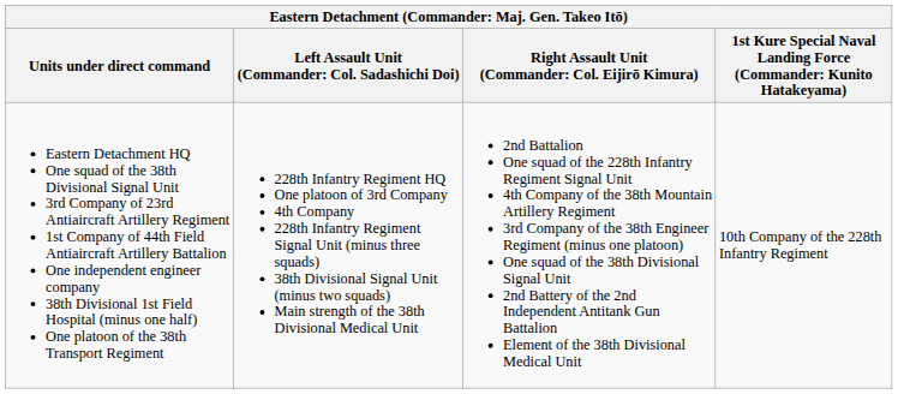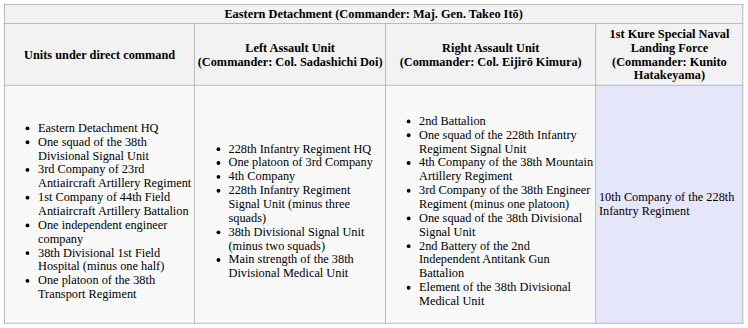 <table class="wikitable" style="width: 960px">
 <tr>
 <th colspan="4">Eastern Detachment (Commander: Maj. Gen. Takeo Itō)</th>
 </tr>
 <tr>
 <th>Units under direct command</th>
 <th>Left Assault Unit<br>(Commander: Col. Sadashichi Doi)</th>
 <th>Right Assault Unit<br>(Commander: Col. Eijirō Kimura)</th>
 <th>1st Kure Special Naval Landing Force<br>(Commander: Kunito Hatakeyama)</th>
 </tr>
 <tr>
 <td style="width: 240px"><br><ul><li>Eastern Detachment HQ</li><li>One squad of the 38th Divisional Signal Unit</li><li>3rd Company of 23rd Antiaircraft Artillery Regiment</li><li>1st Company of 44th Field Antiaircraft Artillery Battalion</li><li>One independent engineer company</li><li>38th Divisional 1st Field Hospital (minus one half)</li><li>One platoon of the 38th Transport Regiment</li></ul></td>
 <td style="width: 240px"><br><ul><li>228th Infantry Regiment HQ</li><li>One platoon of 3rd Company</li><li>4th Company</li><li>228th Infantry Regiment Signal Unit (minus three squads)</li><li>38th Divisional Signal Unit (minus two squads)</li><li>Main strength of the 38th Divisional Medical Unit</li></ul></td>
 <td><br><ul><li>2nd Battalion</li><li>One squad of the 228th Infantry Regiment Signal Unit</li><li>4th Company of the 38th Mountain Artillery Regiment</li><li>3rd Company of the 38th Engineer Regiment (minus one platoon)</li><li>One squad of the 38th Divisional Signal Unit</li><li>2nd Battery of the 2nd Independent Antitank Gun Battalion</li><li>Element of the 38th Divisional Medical Unit</li></ul></td>
-<td>10th Company of the 228th Infantry Regiment</td>
+<td style="background: lavender;">10th Company of the 228th Infantry Regiment</td>
 </tr>
 </table>
